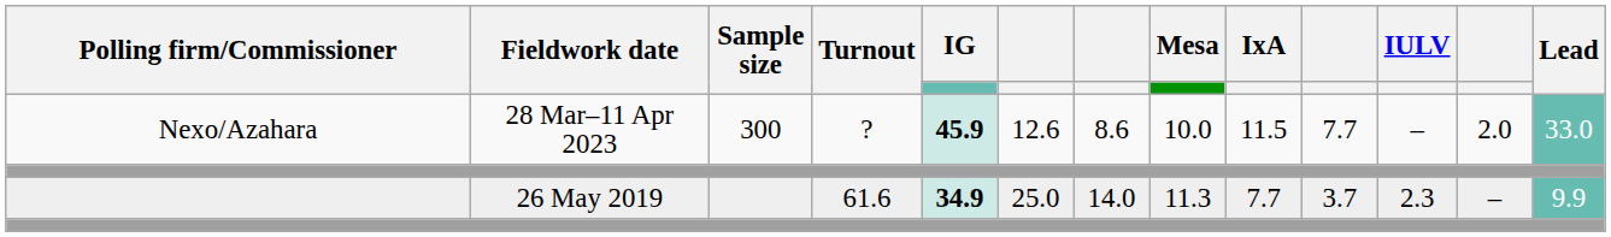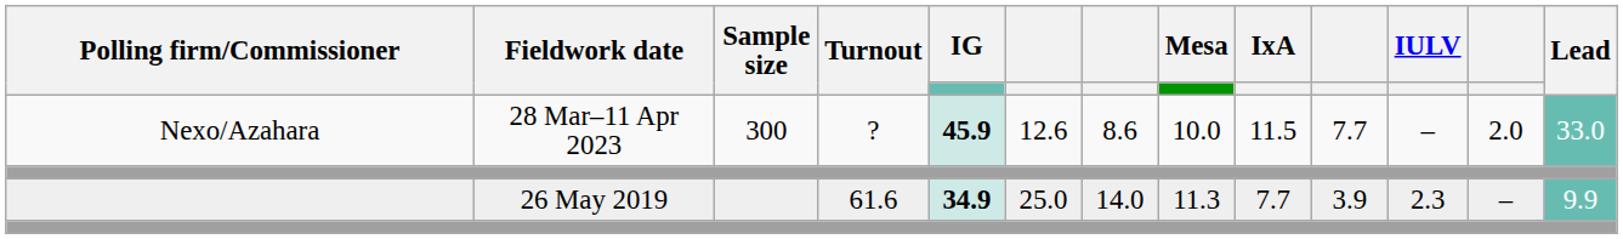 <table class="wikitable collapsible collapsed" style="text-align:center; font-size:95%; line-height:16px;">
 <tr style="height:42px;">
 <th style="width:250px;" rowspan="2">Polling firm/Commissioner</th>
 <th style="width:125px;" rowspan="2">Fieldwork date</th>
 <th style="width:50px;" rowspan="2">Sample size</th>
 <th style="width:45px;" rowspan="2">Turnout</th>
 <th style="width:35px;">IG</th>
 <th style="width:35px;"></th>
 <th style="width:35px;"></th>
 <th style="width:35px;">Mesa</th>
 <th style="width:35px;">IxA</th>
 <th style="width:35px;"></th>
 <th style="width:35px;"><a href='#'>IULV</a></th>
 <th style="width:35px;"></th>
 <th style="width:30px;" rowspan="2">Lead</th>
 </tr>
 <tr>
 <th style="color:inherit;background:#67BCB1;"></th>
 <th style="color:inherit;background:"></th>
 <th style="color:inherit;background:"></th>
 <th style="color:inherit;background:#019301;"></th>
 <th style="color:inherit;background:"></th>
 <th style="color:inherit;background:"></th>
 <th style="color:inherit;background:"></th>
 <th style="color:inherit;background:"></th>
 </tr>
 <tr>
 <td>Nexo/Azahara</td>
 <td>28 Mar–11 Apr 2023</td>
 <td>300</td>
 <td>?</td>
 <td style="background:#CEEAE7;"><strong>45.9</strong><br></td>
 <td>12.6<br></td>
 <td>8.6<br></td>
 <td>10.0<br></td>
 <td>11.5<br></td>
 <td>7.7<br></td>
 <td>–</td>
 <td>2.0<br></td>
 <td style="background:#67BCB1; color:white;">33.0</td>
 </tr>
 <tr>
 <td colspan="13" style="background:#A0A0A0"></td>
 </tr>
 <tr style="background:#EFEFEF;">
 <td><strong></strong></td>
 <td>26 May 2019</td>
 <td></td>
 <td>61.6</td>
 <td style="background:#CEEAE7;"><strong>34.9</strong><br></td>
 <td>25.0<br></td>
 <td>14.0<br></td>
 <td>11.3<br></td>
 <td>7.7<br></td>
-<td>3.7<br></td>
+<td>3.9<br></td>
 <td>2.3<br></td>
 <td>–</td>
 <td style="background:#67BCB1; color:white;">9.9</td>
 </tr>
 <tr>
 <td colspan="13" style="background:#A0A0A0"></td>
 </tr>
 </table>
